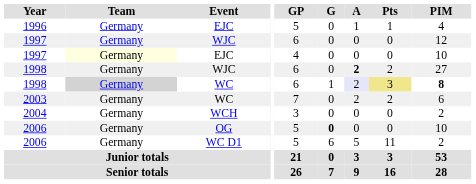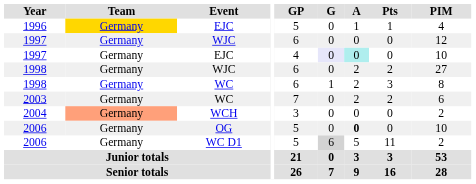 <table border="0" cellpadding="1" cellspacing="0" ID="Table3" style="text-align:center; width:40em">
 <tr ALIGN="center" bgcolor="#e0e0e0">
 <th>Year</th>
 <th>Team</th>
 <th>Event</th>
 <th rowspan="99" bgcolor="#ffffff"></th>
 <th>GP</th>
 <th>G</th>
 <th>A</th>
 <th>Pts</th>
 <th>PIM</th>
 </tr>
 <tr>
 <td><a href='#'>1996</a></td>
-<td><a href='#'>Germany</a></td>
+<td style="background: gold;"><a href='#'>Germany</a></td>
 <td><a href='#'>EJC</a></td>
 <td>5</td>
 <td>0</td>
 <td>1</td>
 <td>1</td>
 <td>4</td>
 </tr>
 <tr bgcolor="#f0f0f0">
 <td><a href='#'>1997</a></td>
 <td><a href='#'>Germany</a></td>
 <td><a href='#'>WJC</a></td>
 <td>6</td>
 <td>0</td>
 <td>0</td>
 <td>0</td>
 <td>12</td>
 </tr>
 <tr>
 <td><a href='#'>1997</a></td>
-<td style="background: lightyellow;">Germany</td>
+<td>Germany</td>
 <td>EJC</td>
 <td>4</td>
-<td>0</td>
-<td>0</td>
+<td style="background: lavender;">0</td>
+<td style="background: paleturquoise;">0</td>
 <td>0</td>
 <td>10</td>
 </tr>
 <tr bgcolor="#f0f0f0">
 <td><a href='#'>1998</a></td>
 <td>Germany</td>
 <td>WJC</td>
 <td>6</td>
 <td>0</td>
-<td><strong>2</strong></td>
+<td>2</td>
 <td>2</td>
 <td>27</td>
 </tr>
 <tr>
 <td><a href='#'>1998</a></td>
-<td style="background: lightgrey;"><a href='#'>Germany</a></td>
+<td><a href='#'>Germany</a></td>
 <td><a href='#'>WC</a></td>
 <td>6</td>
 <td>1</td>
-<td style="background: lavender;">2</td>
-<td style="background: khaki;">3</td>
-<td><strong>8</strong></td>
+<td>2</td>
+<td>3</td>
+<td>8</td>
 </tr>
 <tr bgcolor="#f0f0f0">
 <td><a href='#'>2003</a></td>
 <td>Germany</td>
 <td>WC</td>
 <td>7</td>
 <td>0</td>
 <td>2</td>
 <td>2</td>
 <td>6</td>
 </tr>
 <tr>
 <td><a href='#'>2004</a></td>
-<td>Germany</td>
+<td style="background: lightsalmon;">Germany</td>
 <td><a href='#'>WCH</a></td>
 <td>3</td>
 <td>0</td>
 <td>0</td>
 <td>0</td>
 <td>2</td>
 </tr>
 <tr bgcolor="#f0f0f0">
 <td><a href='#'>2006</a></td>
 <td>Germany</td>
 <td><a href='#'>OG</a></td>
 <td>5</td>
+<td>0</td>
 <td><strong>0</strong></td>
-<td>0</td>
 <td>0</td>
 <td>10</td>
 </tr>
 <tr>
 <td><a href='#'>2006</a></td>
 <td>Germany</td>
 <td><a href='#'>WC D1</a></td>
 <td>5</td>
-<td>6</td>
+<td style="background: lightgrey;">6</td>
 <td>5</td>
 <td>11</td>
 <td>2</td>
 </tr>
 <tr bgcolor="#e0e0e0">
 <th colspan="3">Junior totals</th>
 <th>21</th>
 <th>0</th>
 <th>3</th>
 <th>3</th>
 <th>53</th>
 </tr>
 <tr bgcolor="#e0e0e0">
 <th colspan="3">Senior totals</th>
 <th>26</th>
 <th>7</th>
 <th>9</th>
 <th>16</th>
 <th>28</th>
 </tr>
 </table>
